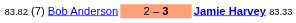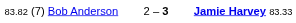 <table style="text-align:center">
 <tr>
 <th width=223></th>
 <th width=100></th>
 <th width=223></th>
 </tr>
 <tr>
 <td align=right><small>83.82</small> (7) <a href='#'>Bob Anderson</a> </td>
-<td style="background: lightsalmon;">2 – <strong>3</strong></td>
+<td>2 – <strong>3</strong></td>
 <td align=left> <strong><a href='#'>Jamie Harvey</a></strong> <small>83.33</small></td>
 </tr>
 </table>
